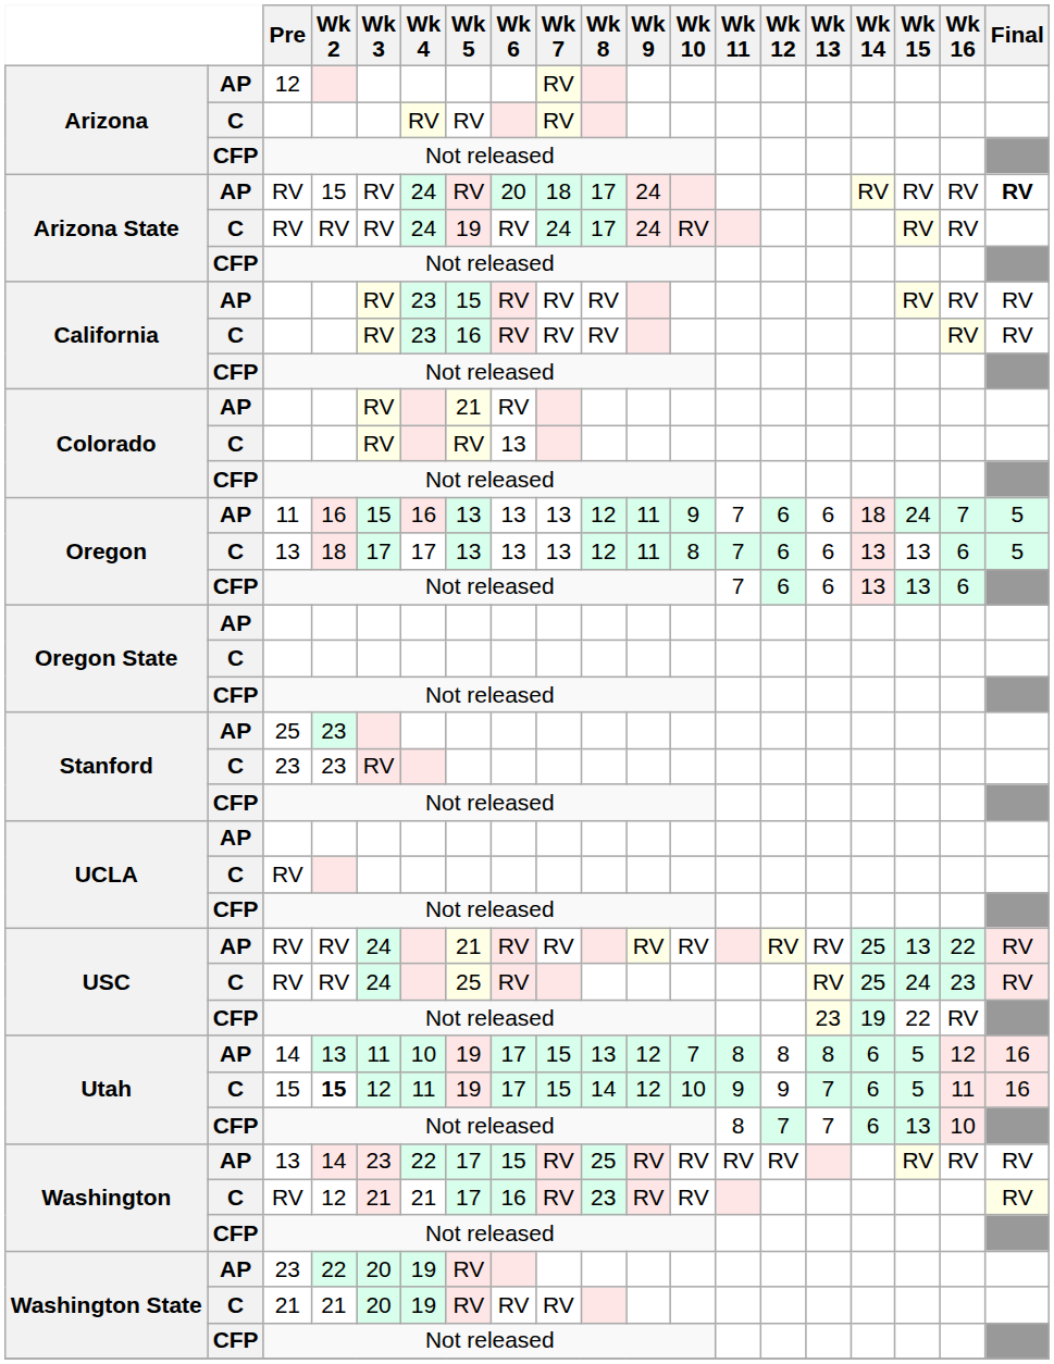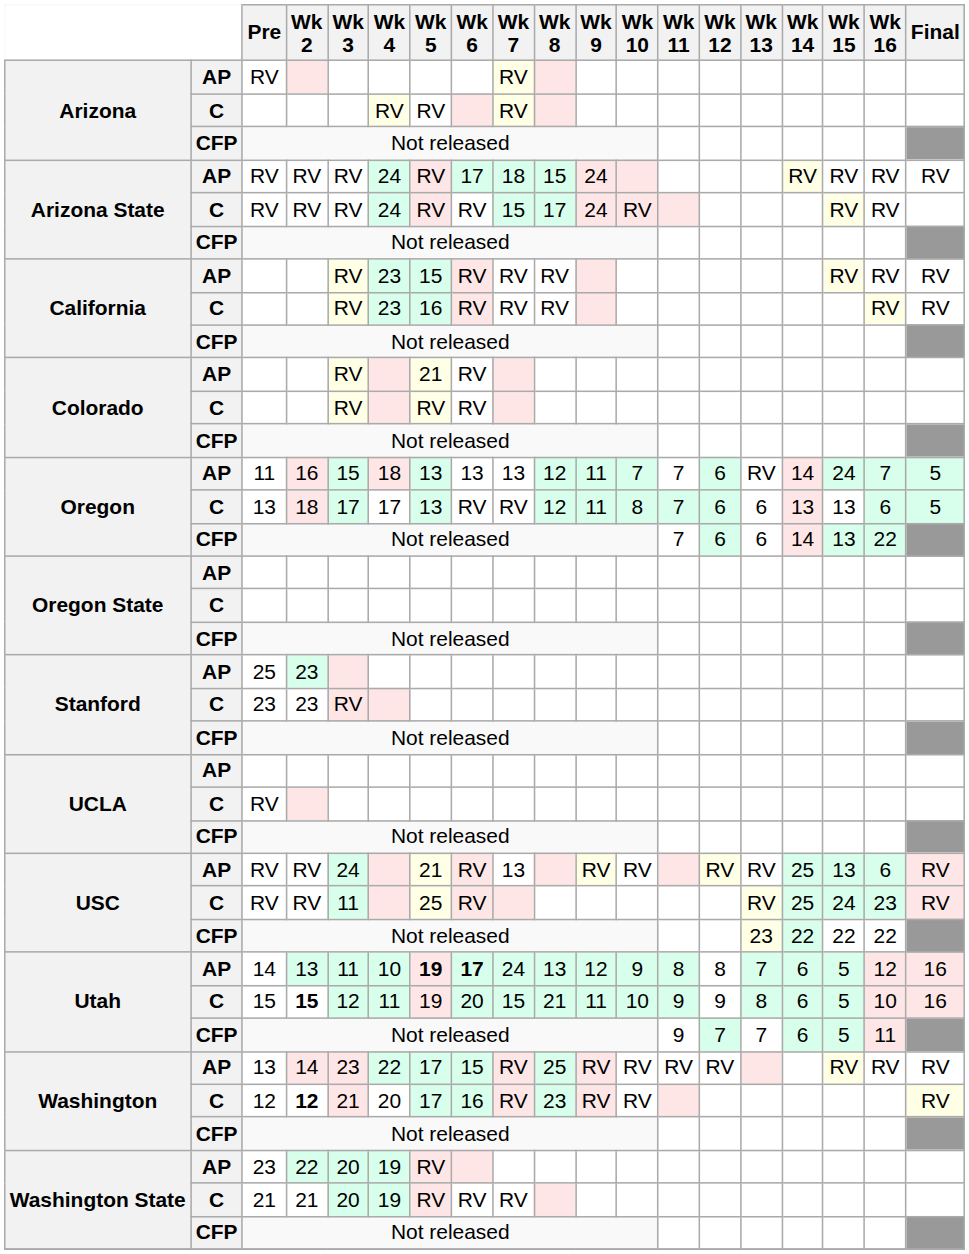 <table class="wikitable" style="white-space:nowrap;font-size:85%;">
 <tr>
 <th colspan=2 style="background:white; border-top-style:hidden; border-left-style:hidden;"> </th>
 <th>Pre</th>
 <th>Wk<br>2</th>
 <th>Wk<br>3</th>
 <th>Wk<br>4</th>
 <th>Wk<br>5</th>
 <th>Wk<br>6</th>
 <th>Wk<br>7</th>
 <th>Wk<br>8</th>
 <th>Wk<br>9</th>
 <th>Wk<br>10</th>
 <th>Wk<br>11</th>
 <th>Wk<br>12</th>
 <th>Wk<br>13</th>
 <th>Wk<br>14</th>
 <th>Wk<br>15</th>
 <th>Wk<br>16</th>
 <th>Final</th>
 </tr>
 <tr style="text-align:center;">
 <th rowspan="3">Arizona</th>
 <th>AP</th>
-<td style="background:#FFF;">12</td>
+<td style="background:#FFF;">RV</td>
 <td style="background:#FFE6E6;"></td>
 <td style="background:#FFF;"></td>
 <td style="background:#FFF;"></td>
 <td style="background:#FFF;"></td>
 <td style="background:#FFF;"></td>
 <td style="background:#FFFFE6;">RV</td>
 <td style="background:#FFE6E6;"></td>
 <td style="background:#FFF;"></td>
 <td style="background:#FFF;"></td>
 <td style="background:#FFF;"></td>
 <td style="background:#FFF;"></td>
 <td style="background:#FFF;"></td>
 <td style="background:#FFF;"></td>
 <td style="background:#FFF;"></td>
 <td style="background:#FFF;"></td>
 <td style="background:#FFF;"></td>
 </tr>
 <tr style="text-align:center;">
 <th>C</th>
 <td style="background:#FFF;"></td>
 <td style="background:#FFF;"></td>
 <td style="background:#FFF;"></td>
 <td style="background:#FFFFE6;">RV</td>
 <td style="background:#FFF;">RV</td>
 <td style="background:#FFE6E6;"></td>
 <td style="background:#FFFFE6;">RV</td>
 <td style="background:#FFE6E6;"></td>
 <td style="background:#FFF;"></td>
 <td style="background:#FFF;"></td>
 <td style="background:#FFF;"></td>
 <td style="background:#FFF;"></td>
 <td style="background:#FFF;"></td>
 <td style="background:#FFF;"></td>
 <td style="background:#FFF;"></td>
 <td style="background:#FFF;"></td>
 <td style="background:#FFF;"></td>
 </tr>
 <tr style="text-align:center;">
 <th>CFP</th>
 <td colspan="10" style="text-align:center;">Not released</td>
 <td style="background:#FFF;"></td>
 <td style="background:#FFF;"></td>
 <td style="background:#FFF;"></td>
 <td style="background:#FFF;"></td>
 <td style="background:#FFF;"></td>
 <td style="background:#FFF;"></td>
 <td style="background:#999;"></td>
 </tr>
 <tr style="text-align:center;">
 <th rowspan="3">Arizona State</th>
 <th>AP</th>
 <td style="background:#FFF;">RV</td>
-<td style="background:#FFF;">15</td>
+<td style="background:#FFF;">RV</td>
 <td style="background:#FFF;">RV</td>
 <td style="background:#D8FFEB;">24</td>
 <td style="background:#FFE6E6;">RV</td>
-<td style="background:#D8FFEB;">20</td>
+<td style="background:#D8FFEB;">17</td>
 <td style="background:#D8FFEB;">18</td>
-<td style="background:#D8FFEB;">17</td>
+<td style="background:#D8FFEB;">15</td>
 <td style="background:#FFE6E6;">24</td>
 <td style="background:#FFE6E6;"></td>
 <td style="background:#FFF;"></td>
 <td style="background:#FFF;"></td>
 <td style="background:#FFF;"></td>
 <td style="background:#FFFFE6;">RV</td>
 <td style="background:#FFF;">RV</td>
 <td style="background:#FFF;">RV</td>
-<td style="background:#FFF;"><strong>RV</strong></td>
+<td style="background:#FFF;">RV</td>
 </tr>
 <tr style="text-align:center;">
 <th>C</th>
 <td style="background:#FFF;">RV</td>
 <td style="background:#FFF;">RV</td>
 <td style="background:#FFF;">RV</td>
 <td style="background:#D8FFEB;">24</td>
-<td style="background:#FFE6E6;">19</td>
+<td style="background:#FFE6E6;">RV</td>
 <td style="background:#FFF;">RV</td>
-<td style="background:#D8FFEB;">24</td>
+<td style="background:#D8FFEB;">15</td>
 <td style="background: #D8FFEB;">17</td>
 <td style="background:#FFE6E6;">24</td>
 <td style="background:#FFE6E6;">RV</td>
 <td style="background:#FFE6E6;"></td>
 <td style="background:#FFF;"></td>
 <td style="background:#FFF;"></td>
 <td style="background:#FFF;"></td>
 <td style="background:#FFFFE6;">RV</td>
 <td style="background:#FFF;">RV</td>
 <td style="background:#FFF;"></td>
 </tr>
 <tr style="text-align:center;">
 <th>CFP</th>
 <td colspan="10" style="text-align:center;">Not released</td>
 <td style="background:#FFF;"></td>
 <td style="background:#FFF;"></td>
 <td style="background:#FFF;"></td>
 <td style="background:#FFF;"></td>
 <td style="background:#FFF;"></td>
 <td style="background:#FFF;"></td>
 <td style="background:#999;"></td>
 </tr>
 <tr style="text-align:center;">
 <th rowspan="3">California</th>
 <th>AP</th>
 <td style="background:#FFF;"></td>
 <td style="background:#FFF;"></td>
 <td style="background:#FFFFE6;">RV</td>
 <td style="background:#D8FFEB;">23</td>
 <td style="background:#D8FFEB;">15</td>
 <td style="background: #FFE6E6;">RV</td>
 <td style="background:#FFF;">RV</td>
 <td style="background:#FFF;">RV</td>
 <td style="background:#FFE6E6;"></td>
 <td style="background:#FFF;"></td>
 <td style="background:#FFF;"></td>
 <td style="background:#FFF;"></td>
 <td style="background:#FFF;"></td>
 <td style="background:#FFF;"></td>
 <td style="background:#FFFFE6;">RV</td>
 <td style="background:#FFF;">RV</td>
 <td style="background:#FFF;">RV</td>
 </tr>
 <tr style="text-align:center;">
 <th>C</th>
 <td style="background:#FFF;"></td>
 <td style="background:#FFF;"></td>
 <td style="background:#FFFFE6;">RV</td>
 <td style="background:#D8FFEB;">23</td>
 <td style="background:#D8FFEB;">16</td>
 <td style="background:#FFE6E6;">RV</td>
 <td style="background:#FFF;">RV</td>
 <td style="background:#FFF;">RV</td>
 <td style="background:#FFE6E6;"></td>
 <td style="background:#FFF;"></td>
 <td style="background:#FFF;"></td>
 <td style="background:#FFF;"></td>
 <td style="background:#FFF;"></td>
 <td style="background:#FFF;"></td>
 <td style="background:#FFF;"></td>
 <td style="background:#FFFFE6;">RV</td>
 <td style="background:#FFF;">RV</td>
 </tr>
 <tr style="text-align:center;">
 <th>CFP</th>
 <td colspan="10" style="text-align:center;">Not released</td>
 <td style="background:#FFF;"></td>
 <td style="background:#FFF;"></td>
 <td style="background:#FFF;"></td>
 <td style="background:#FFF;"></td>
 <td style="background:#FFF;"></td>
 <td style="background:#FFF;"></td>
 <td style="background:#999;"></td>
 </tr>
 <tr style="text-align:center;">
 <th rowspan="3">Colorado</th>
 <th>AP</th>
 <td style="background:#FFF;"></td>
 <td style="background:#FFF;"></td>
 <td style="background:#FFFFE6;">RV</td>
 <td style="background:#FFE6E6;"></td>
 <td style="background:#FFFFE6;">21</td>
 <td style="background:#FFF;">RV</td>
 <td style="background:#FFE6E6;"></td>
 <td style="background:#FFF;"></td>
 <td style="background:#FFF;"></td>
 <td style="background:#FFF;"></td>
 <td style="background:#FFF;"></td>
 <td style="background:#FFF;"></td>
 <td style="background:#FFF;"></td>
 <td style="background:#FFF;"></td>
 <td style="background:#FFF;"></td>
 <td style="background:#FFF;"></td>
 <td style="background:#FFF;"></td>
 </tr>
 <tr style="text-align:center;">
 <th>C</th>
 <td style="background:#FFF;"></td>
 <td style="background:#FFF;"></td>
 <td style="background:#FFFFE6;">RV</td>
 <td style="background:#FFE6E6;"></td>
 <td style="background:#FFFFE6;">RV</td>
-<td style="background:#FFF;">13</td>
+<td style="background:#FFF;">RV</td>
 <td style="background:#FFE6E6;"></td>
 <td style="background:#FFF;"></td>
 <td style="background:#FFF;"></td>
 <td style="background:#FFF;"></td>
 <td style="background:#FFF;"></td>
 <td style="background:#FFF;"></td>
 <td style="background:#FFF;"></td>
 <td style="background:#FFF;"></td>
 <td style="background:#FFF;"></td>
 <td style="background:#FFF;"></td>
 <td style="background:#FFF;"></td>
 </tr>
 <tr style="text-align:center;">
 <th>CFP</th>
 <td colspan="10" style="text-align:center;">Not released</td>
 <td style="background:#FFF;"></td>
 <td style="background:#FFF;"></td>
 <td style="background:#FFF;"></td>
 <td style="background:#FFF;"></td>
 <td style="background:#FFF;"></td>
 <td style="background:#FFF;"></td>
 <td style="background:#999;"></td>
 </tr>
 <tr style="text-align:center;">
 <th rowspan="3">Oregon</th>
 <th>AP</th>
 <td style="background:#FFF;">11</td>
 <td style="background:#FFE6E6;">16</td>
 <td style="background:#D8FFEB;">15</td>
-<td style="background:#FFE6E6;">16</td>
+<td style="background:#FFE6E6;">18</td>
 <td style="background:#D8FFEB;">13</td>
 <td style="background:#FFF;">13</td>
 <td style="background:#FFF;">13</td>
 <td style="background:#D8FFEB;">12</td>
 <td style="background:#D8FFEB;">11</td>
-<td style="background:#D8FFEB;">9</td>
+<td style="background:#D8FFEB;">7</td>
 <td style="background:#FFF;">7</td>
 <td style="background:#D8FFEB;">6</td>
-<td style="background:#FFF;">6</td>
-<td style="background:#FFE6E6;">18</td>
+<td style="background:#FFF;">RV</td>
+<td style="background:#FFE6E6;">14</td>
 <td style="background:#D8FFEB;">24</td>
 <td style="background:#D8FFEB;">7</td>
 <td style="background:#D8FFEB;">5</td>
 </tr>
 <tr style="text-align:center;">
 <th>C</th>
 <td style="background:#FFF;">13</td>
 <td style="background:#FFE6E6;">18</td>
 <td style="background:#D8FFEB;">17</td>
 <td style="background:#FFF;">17</td>
 <td style="background:#D8FFEB;">13</td>
-<td style="background:#FFF;">13</td>
-<td style="background:#FFF;">13</td>
+<td style="background:#FFF;">RV</td>
+<td style="background:#FFF;">RV</td>
 <td style="background:#D8FFEB;">12</td>
 <td style="background:#D8FFEB;">11</td>
 <td style="background:#D8FFEB;">8</td>
 <td style="background:#D8FFEB;">7</td>
 <td style="background:#D8FFEB;">6</td>
 <td style="background:#FFF;">6</td>
 <td style="background:#FFE6E6;">13</td>
 <td style="background:#FFF;">13</td>
 <td style="background:#D8FFEB;">6</td>
 <td style="background:#D8FFEB;">5</td>
 </tr>
 <tr style="text-align:center;">
 <th>CFP</th>
 <td colspan="10" style="text-align:center;">Not released</td>
 <td style="background:#FFF;">7</td>
 <td style="background:#D8FFEB;">6</td>
 <td style="background:#FFF;">6</td>
-<td style="background:#FFE6E6;">13</td>
+<td style="background:#FFE6E6;">14</td>
 <td style="background:#D8FFEB;">13</td>
-<td style="background:#D8FFEB;">6</td>
+<td style="background:#D8FFEB;">22</td>
 <td style="background:#999;"></td>
 </tr>
 <tr style="text-align:center;">
 <th rowspan="3">Oregon State</th>
 <th>AP</th>
 <td style="background:#FFF;"></td>
 <td style="background:#FFF;"></td>
 <td style="background:#FFF;"></td>
 <td style="background:#FFF;"></td>
 <td style="background:#FFF;"></td>
 <td style="background:#FFF;"></td>
 <td style="background:#FFF;"></td>
 <td style="background:#FFF;"></td>
 <td style="background:#FFF;"></td>
 <td style="background:#FFF;"></td>
 <td style="background:#FFF;"></td>
 <td style="background:#FFF;"></td>
 <td style="background:#FFF;"></td>
 <td style="background:#FFF;"></td>
 <td style="background:#FFF;"></td>
 <td style="background:#FFF;"></td>
 <td style="background:#FFF;"></td>
 </tr>
 <tr style="text-align:center;">
 <th>C</th>
 <td style="background:#FFF;"></td>
 <td style="background:#FFF;"></td>
 <td style="background:#FFF;"></td>
 <td style="background:#FFF;"></td>
 <td style="background:#FFF;"></td>
 <td style="background:#FFF;"></td>
 <td style="background:#FFF;"></td>
 <td style="background:#FFF;"></td>
 <td style="background:#FFF;"></td>
 <td style="background:#FFF;"></td>
 <td style="background:#FFF;"></td>
 <td style="background:#FFF;"></td>
 <td style="background:#FFF;"></td>
 <td style="background:#FFF;"></td>
 <td style="background:#FFF;"></td>
 <td style="background:#FFF;"></td>
 <td style="background:#FFF;"></td>
 </tr>
 <tr style="text-align:center;">
 <th>CFP</th>
 <td colspan="10" style="text-align:center;">Not released</td>
 <td style="background:#FFF;"></td>
 <td style="background:#FFF;"></td>
 <td style="background:#FFF;"></td>
 <td style="background:#FFF;"></td>
 <td style="background:#FFF;"></td>
 <td style="background:#FFF;"></td>
 <td style="background:#999;"></td>
 </tr>
 <tr style="text-align:center;">
 <th rowspan="3">Stanford</th>
 <th>AP</th>
 <td style="background:#FFF;">25</td>
 <td style="background:#D8FFEB;">23</td>
 <td style="background:#FFE6E6;"></td>
 <td style="background:#FFF;"></td>
 <td style="background:#FFF;"></td>
 <td style="background:#FFF;"></td>
 <td style="background:#FFF;"></td>
 <td style="background:#FFF;"></td>
 <td style="background:#FFF;"></td>
 <td style="background:#FFF;"></td>
 <td style="background:#FFF;"></td>
 <td style="background:#FFF;"></td>
 <td style="background:#FFF;"></td>
 <td style="background:#FFF;"></td>
 <td style="background:#FFF;"></td>
 <td style="background:#FFF;"></td>
 <td style="background:#FFF;"></td>
 </tr>
 <tr style="text-align:center;">
 <th>C</th>
 <td style="background:#FFF;">23</td>
 <td style="background:#FFF;">23</td>
 <td style="background:#FFE6E6;">RV</td>
 <td style="background:#FFE6E6;"></td>
 <td style="background:#FFF;"></td>
 <td style="background:#FFF;"></td>
 <td style="background:#FFF;"></td>
 <td style="background:#FFF;"></td>
 <td style="background:#FFF;"></td>
 <td style="background:#FFF;"></td>
 <td style="background:#FFF;"></td>
 <td style="background:#FFF;"></td>
 <td style="background:#FFF;"></td>
 <td style="background:#FFF;"></td>
 <td style="background:#FFF;"></td>
 <td style="background:#FFF;"></td>
 <td style="background:#FFF;"></td>
 </tr>
 <tr style="text-align:center;">
 <th>CFP</th>
 <td colspan="10" style="text-align:center;">Not released</td>
 <td style="background:#FFF;"></td>
 <td style="background:#FFF;"></td>
 <td style="background:#FFF;"></td>
 <td style="background:#FFF;"></td>
 <td style="background:#FFF;"></td>
 <td style="background:#FFF;"></td>
 <td style="background:#999;"></td>
 </tr>
 <tr style="text-align:center;">
 <th rowspan="3">UCLA</th>
 <th>AP</th>
 <td style="background:#FFF;"></td>
 <td style="background:#FFF;"></td>
 <td style="background:#FFF;"></td>
 <td style="background:#FFF;"></td>
 <td style="background:#FFF;"></td>
 <td style="background:#FFF;"></td>
 <td style="background:#FFF;"></td>
 <td style="background:#FFF;"></td>
 <td style="background:#FFF;"></td>
 <td style="background:#FFF;"></td>
 <td style="background:#FFF;"></td>
 <td style="background:#FFF;"></td>
 <td style="background:#FFF;"></td>
 <td style="background:#FFF;"></td>
 <td style="background:#FFF;"></td>
 <td style="background:#FFF;"></td>
 <td style="background:#FFF;"></td>
 </tr>
 <tr style="text-align:center;">
 <th>C</th>
 <td style="background:#FFF;">RV</td>
 <td style="background:#FFE6E6;"></td>
 <td style="background:#FFF;"></td>
 <td style="background:#FFF;"></td>
 <td style="background:#FFF;"></td>
 <td style="background:#FFF;"></td>
 <td style="background:#FFF;"></td>
 <td style="background:#FFF;"></td>
 <td style="background:#FFF;"></td>
 <td style="background:#FFF;"></td>
 <td style="background:#FFF;"></td>
 <td style="background:#FFF;"></td>
 <td style="background:#FFF;"></td>
 <td style="background:#FFF;"></td>
 <td style="background:#FFF;"></td>
 <td style="background:#FFF;"></td>
 <td style="background:#FFF;"></td>
 </tr>
 <tr style="text-align:center;">
 <th>CFP</th>
 <td colspan="10" style="text-align:center;">Not released</td>
 <td style="background:#FFF;"></td>
 <td style="background:#FFF;"></td>
 <td style="background:#FFF;"></td>
 <td style="background:#FFF;"></td>
 <td style="background:#FFF;"></td>
 <td style="background:#FFF;"></td>
 <td style="background:#999;"></td>
 </tr>
 <tr style="text-align:center;">
 <th rowspan="3">USC</th>
 <th>AP</th>
 <td style="background:#FFF;">RV</td>
 <td style="background:#FFF;">RV</td>
 <td style="background:#D8FFEB;">24</td>
 <td style="background:#FFE6E6;"></td>
 <td style="background:#FFFFE6;">21</td>
 <td style="background: #FFE6E6;">RV</td>
-<td style="background:#FFF;">RV</td>
+<td style="background:#FFF;">13</td>
 <td style="background:#FFE6E6;"></td>
 <td style="background:#FFFFE6;">RV</td>
 <td style="background:#FFF;">RV</td>
 <td style="background:#FFE6E6;"></td>
 <td style="background:#FFFFE6;">RV</td>
 <td style="background:#FFF;">RV</td>
 <td style="background:#D8FFEB;">25</td>
 <td style="background:#D8FFEB;">13</td>
-<td style="background:#D8FFEB;">22</td>
+<td style="background:#D8FFEB;">6</td>
 <td style="background:#FFE6E6;">RV</td>
 </tr>
 <tr style="text-align:center;">
 <th>C</th>
 <td style="background:#FFF;">RV</td>
 <td style="background:#FFF;">RV</td>
-<td style="background:#D8FFEB;">24</td>
+<td style="background:#D8FFEB;">11</td>
 <td style="background:#FFE6E6;"></td>
 <td style="background:#FFFFE6;">25</td>
 <td style="background:#FFE6E6;">RV</td>
 <td style="background:#FFE6E6;"></td>
 <td style="background:#FFF;"></td>
 <td style="background:#FFF;"></td>
 <td style="background:#FFF;"></td>
 <td style="background:#FFF;"></td>
 <td style="background:#FFF;"></td>
 <td style="background:#FFFFE6;">RV</td>
 <td style="background:#D8FFEB;">25</td>
 <td style="background:#D8FFEB;">24</td>
 <td style="background:#D8FFEB;">23</td>
 <td style="background:#FFE6E6;">RV</td>
 </tr>
 <tr style="text-align:center;">
 <th>CFP</th>
 <td colspan="10" style="text-align:center;">Not released</td>
 <td style="background:#FFF;"></td>
 <td style="background:#FFF;"></td>
 <td style="background:#FFFFE6;">23</td>
-<td style="background:#D8FFEB;">19</td>
+<td style="background:#D8FFEB;">22</td>
 <td style="background:#FFF;">22</td>
-<td style="background:#FFF;">RV</td>
+<td style="background:#FFF;">22</td>
 <td style="background:#999;"></td>
 </tr>
 <tr style="text-align:center;">
 <th rowspan="3">Utah</th>
 <th>AP</th>
 <td style="background:#FFF;">14</td>
 <td style="background:#D8FFEB;">13</td>
 <td style="background:#D8FFEB;">11</td>
 <td style="background:#D8FFEB;">10</td>
-<td style="background:#FFE6E6;">19</td>
-<td style="background:#D8FFEB;">17</td>
-<td style="background:#D8FFEB;">15</td>
+<td style="background:#FFE6E6;"><strong>19</strong></td>
+<td style="background:#D8FFEB;"><strong>17</strong></td>
+<td style="background:#D8FFEB;">24</td>
 <td style="background:#D8FFEB;">13</td>
 <td style="background:#D8FFEB;">12</td>
-<td style="background:#D8FFEB;">7</td>
+<td style="background:#D8FFEB;">9</td>
 <td style="background:#D8FFEB;">8</td>
 <td style="background:#FFF;">8</td>
-<td style="background:#D8FFEB;">8</td>
+<td style="background:#D8FFEB;">7</td>
 <td style="background:#D8FFEB;">6</td>
 <td style="background:#D8FFEB;">5</td>
 <td style="background:#FFE6E6;">12</td>
 <td style="background:#FFE6E6;">16</td>
 </tr>
 <tr style="text-align:center;">
 <th>C</th>
 <td style="background:#FFF;">15</td>
 <td style="background:#FFF;"><strong>15</strong></td>
 <td style="background:#D8FFEB;">12</td>
 <td style="background:#D8FFEB;">11</td>
 <td style="background:#FFE6E6;">19</td>
-<td style="background:#D8FFEB;">17</td>
+<td style="background:#D8FFEB;">20</td>
 <td style="background:#D8FFEB;">15</td>
-<td style="background:#D8FFEB;">14</td>
-<td style="background:#D8FFEB;">12</td>
+<td style="background:#D8FFEB;">21</td>
+<td style="background:#D8FFEB;">11</td>
 <td style="background:#D8FFEB;">10</td>
 <td style="background:#D8FFEB;">9</td>
 <td style="background:#FFF;">9</td>
-<td style="background:#D8FFEB;">7</td>
+<td style="background:#D8FFEB;">8</td>
 <td style="background:#D8FFEB;">6</td>
 <td style="background:#D8FFEB;">5</td>
-<td style="background:#FFE6E6;">11</td>
+<td style="background:#FFE6E6;">10</td>
 <td style="background:#FFE6E6;">16</td>
 </tr>
 <tr style="text-align:center;">
 <th>CFP</th>
 <td colspan="10" style="text-align:center;">Not released</td>
-<td style="background:#FFF;">8</td>
+<td style="background:#FFF;">9</td>
 <td style="background:#D8FFEB;">7</td>
 <td style="background:#FFF;">7</td>
 <td style="background:#D8FFEB;">6</td>
-<td style="background:#D8FFEB;">13</td>
-<td style="background:#FFE6E6;">10</td>
+<td style="background:#D8FFEB;">5</td>
+<td style="background:#FFE6E6;">11</td>
 <td style="background:#999;"></td>
 </tr>
 <tr style="text-align:center;">
 <th rowspan="3">Washington</th>
 <th>AP</th>
 <td style="background:#FFF;">13</td>
 <td style="background:#FFE6E6;">14</td>
 <td style="background:#FFE6E6;">23</td>
 <td style="background:#D8FFEB;">22</td>
 <td style="background:#D8FFEB;">17</td>
 <td style="background: #D8FFEB;">15</td>
 <td style="background:#FFE6E6;">RV</td>
 <td style="background:#D8FFEB;">25</td>
 <td style="background:#FFE6E6;">RV</td>
 <td style="background:#FFF;">RV</td>
 <td style="background:#FFF;">RV</td>
 <td style="background:#FFF;">RV</td>
 <td style="background:#FFE6E6;"></td>
 <td style="background:#FFF;"></td>
 <td style="background:#FFFFE6;">RV</td>
 <td style="background:#FFF;">RV</td>
 <td style="background:#FFF;">RV</td>
 </tr>
 <tr style="text-align:center;">
 <th>C</th>
-<td style="background:#FFF;">RV</td>
 <td style="background:#FFF;">12</td>
+<td style="background:#FFF;"><strong>12</strong></td>
 <td style="background:#FFE6E6;">21</td>
-<td style="background:#FFF;">21</td>
+<td style="background:#FFF;">20</td>
 <td style="background:#D8FFEB;">17</td>
 <td style="background:#D8FFEB;">16</td>
 <td style="background:#FFE6E6;">RV</td>
 <td style="background: #D8FFEB;">23</td>
 <td style="background:#FFE6E6;">RV</td>
 <td style="background:#FFF;">RV</td>
 <td style="background:#FFE6E6;"></td>
 <td style="background:#FFF;"></td>
 <td style="background:#FFF;"></td>
 <td style="background:#FFF;"></td>
 <td style="background:#FFF;"></td>
 <td style="background:#FFF;"></td>
 <td style="background:#FFFFE6;">RV</td>
 </tr>
 <tr style="text-align:center;">
 <th>CFP</th>
 <td colspan="10" style="text-align:center;">Not released</td>
 <td style="background:#FFF;"></td>
 <td style="background:#FFF;"></td>
 <td style="background:#FFF;"></td>
 <td style="background:#FFF;"></td>
 <td style="background:#FFF;"></td>
 <td style="background:#FFF;"></td>
 <td style="background:#999;"></td>
 </tr>
 <tr style="text-align:center;">
 <th rowspan="3">Washington State</th>
 <th>AP</th>
 <td style="background:#FFF;">23</td>
 <td style="background:#D8FFEB;">22</td>
 <td style="background:#D8FFEB;">20</td>
 <td style="background:#D8FFEB;">19</td>
 <td style="background:#FFE6E6;">RV</td>
 <td style="background:#FFE6E6;"></td>
 <td style="background:#FFF;"></td>
 <td style="background:#FFF;"></td>
 <td style="background:#FFF;"></td>
 <td style="background:#FFF;"></td>
 <td style="background:#FFF;"></td>
 <td style="background:#FFF;"></td>
 <td style="background:#FFF;"></td>
 <td style="background:#FFF;"></td>
 <td style="background:#FFF;"></td>
 <td style="background:#FFF;"></td>
 <td style="background:#FFF;"></td>
 </tr>
 <tr style="text-align:center;">
 <th>C</th>
 <td style="background:#FFF;">21</td>
 <td style="background:#FFF;">21</td>
 <td style="background:#D8FFEB;">20</td>
 <td style="background:#D8FFEB;">19</td>
 <td style="background:#FFE6E6;">RV</td>
 <td style="background:#FFF;">RV</td>
 <td style="background:#FFF;">RV</td>
 <td style="background: #FFE6E6;"></td>
 <td style="background:#FFF;"></td>
 <td style="background:#FFF;"></td>
 <td style="background:#FFF;"></td>
 <td style="background:#FFF;"></td>
 <td style="background:#FFF;"></td>
 <td style="background:#FFF;"></td>
 <td style="background:#FFF;"></td>
 <td style="background:#FFF;"></td>
 <td style="background:#FFF;"></td>
 </tr>
 <tr style="text-align:center;">
 <th>CFP</th>
 <td colspan="10" style="text-align:center;">Not released</td>
 <td style="background:#FFF;"></td>
 <td style="background:#FFF;"></td>
 <td style="background:#FFF;"></td>
 <td style="background:#FFF;"></td>
 <td style="background:#FFF;"></td>
 <td style="background:#FFF;"></td>
 <td style="background:#999;"></td>
 </tr>
 <tr style="text-align:center;">
 </tr>
 </table>
